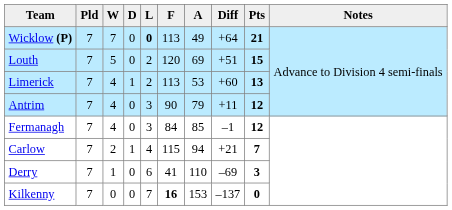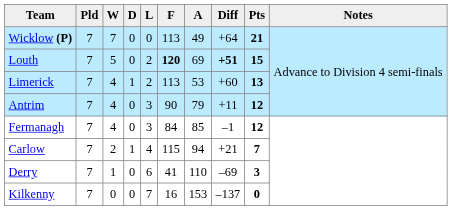 <table style=border-collapse:collapse border=1 cellspacing=0 cellpadding=5>
 <tr style="text-align:center; background:#efefef;">
 <th>Team</th>
 <th>Pld</th>
 <th>W</th>
 <th>D</th>
 <th>L</th>
 <th>F</th>
 <th>A</th>
 <th>Diff</th>
 <th>Pts</th>
 <th>Notes</th>
 </tr>
 <tr style="text-align:center; background:#bbebff;">
 <td style="text-align:left;"> <a href='#'>Wicklow</a> <strong>(P)</strong></td>
 <td>7</td>
 <td>7</td>
 <td>0</td>
-<td><strong>0</strong></td>
+<td>0</td>
 <td>113</td>
 <td>49</td>
 <td>+64</td>
 <td><strong>21</strong></td>
 <td rowspan=4>Advance to Division 4 semi-finals</td>
 </tr>
 <tr style="text-align:center; background:#bbebff;">
 <td style="text-align:left;"> <a href='#'>Louth</a></td>
 <td>7</td>
 <td>5</td>
 <td>0</td>
 <td>2</td>
-<td>120</td>
+<td><strong>120</strong></td>
 <td>69</td>
-<td>+51</td>
+<td><strong>+51</strong></td>
 <td><strong>15</strong></td>
 </tr>
 <tr style="text-align:center; background:#bbebff;">
 <td style="text-align:left;"> <a href='#'>Limerick</a></td>
 <td>7</td>
 <td>4</td>
 <td>1</td>
 <td>2</td>
 <td>113</td>
 <td>53</td>
 <td>+60</td>
 <td><strong>13</strong></td>
 </tr>
 <tr style="text-align:center; background:#bbebff;">
 <td style="text-align:left;"> <a href='#'>Antrim</a></td>
 <td>7</td>
 <td>4</td>
 <td>0</td>
 <td>3</td>
 <td>90</td>
 <td>79</td>
 <td>+11</td>
 <td><strong>12</strong></td>
 </tr>
 <tr style="text-align:center; background:#fff;">
 <td style="text-align:left;"> <a href='#'>Fermanagh</a></td>
 <td>7</td>
 <td>4</td>
 <td>0</td>
 <td>3</td>
 <td>84</td>
 <td>85</td>
 <td>–1</td>
 <td><strong>12</strong></td>
 </tr>
 <tr style="text-align:center; background:#fff;">
 <td style="text-align:left;"> <a href='#'>Carlow</a></td>
 <td>7</td>
 <td>2</td>
 <td>1</td>
 <td>4</td>
 <td>115</td>
 <td>94</td>
 <td>+21</td>
 <td><strong>7</strong></td>
 </tr>
 <tr style="text-align:center; background:#fff;">
 <td style="text-align:left;"> <a href='#'>Derry</a></td>
 <td>7</td>
 <td>1</td>
 <td>0</td>
 <td>6</td>
 <td>41</td>
 <td>110</td>
 <td>–69</td>
 <td><strong>3</strong></td>
 </tr>
 <tr style="text-align:center; background:#fff;">
 <td style="text-align:left;"> <a href='#'>Kilkenny</a></td>
 <td>7</td>
 <td>0</td>
 <td>0</td>
 <td>7</td>
-<td><strong>16</strong></td>
+<td>16</td>
 <td>153</td>
 <td>–137</td>
 <td><strong>0</strong></td>
 </tr>
 </table>
